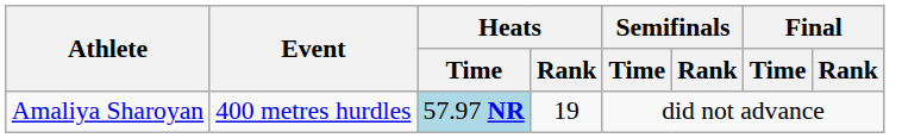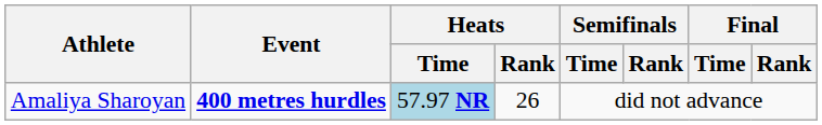 <table class=wikitable style="font-size:90%;">
 <tr>
 <th rowspan=2>Athlete</th>
 <th rowspan=2>Event</th>
 <th colspan=2>Heats</th>
 <th colspan=2>Semifinals</th>
 <th colspan=2>Final</th>
 </tr>
 <tr>
 <th>Time</th>
 <th>Rank</th>
 <th>Time</th>
 <th>Rank</th>
 <th>Time</th>
 <th>Rank</th>
 </tr>
 <tr>
 <td><a href='#'>Amaliya Sharoyan</a></td>
-<td><a href='#'>400 metres hurdles</a></td>
+<td><strong><a href='#'>400 metres hurdles</a></strong></td>
 <td align=center style="background: lightblue;">57.97 <strong><a href='#'>NR</a></strong></td>
-<td align=center>19</td>
+<td align=center>26</td>
 <td align=center colspan=4>did not advance</td>
 </tr>
 </table>
